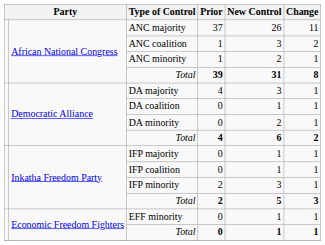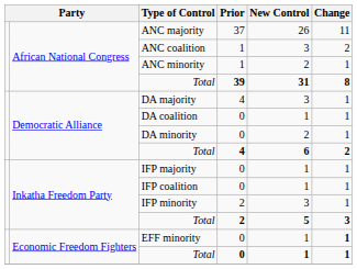 <table class="wikitable" style="text-align:right">
 <tr>
 <th colspan="2">Party</th>
 <th>Type of Control</th>
 <th>Prior</th>
 <th>New Control</th>
 <th>Change</th>
 </tr>
 <tr>
 <td rowspan="4" style="background:"></td>
 <td rowspan="4" style="text-align:left;"><a href='#'>African National Congress</a></td>
 <td style="text-align:left;">ANC majority</td>
 <td>37</td>
 <td>26</td>
 <td>11</td>
 </tr>
 <tr>
 <td style="text-align:left;">ANC coalition</td>
 <td>1</td>
 <td>3</td>
 <td>2</td>
 </tr>
 <tr>
 <td style="text-align:left;">ANC minority</td>
 <td>1</td>
 <td>2</td>
 <td>1</td>
 </tr>
 <tr>
 <td><em>Total</em></td>
 <td><strong>39</strong></td>
 <td><strong>31</strong></td>
 <td><strong>8</strong></td>
 </tr>
 <tr>
 <td rowspan="4" style="background:"></td>
 <td rowspan="4" style="text-align:left;"><a href='#'>Democratic Alliance</a></td>
 <td style="text-align:left;">DA majority</td>
 <td>4</td>
 <td>3</td>
 <td>1</td>
 </tr>
 <tr>
 <td style="text-align:left;">DA coalition</td>
 <td>0</td>
 <td>1</td>
 <td>1</td>
 </tr>
 <tr>
 <td style="text-align:left;">DA minority</td>
 <td>0</td>
 <td>2</td>
 <td>1</td>
 </tr>
 <tr>
 <td><em>Total</em></td>
 <td><strong>4</strong></td>
 <td><strong>6</strong></td>
 <td><strong>2</strong></td>
 </tr>
 <tr>
 <td rowspan="4" style="background:"></td>
 <td rowspan="4" style="text-align:left;"><a href='#'>Inkatha Freedom Party</a></td>
 <td style="text-align:left;">IFP majority</td>
 <td>0</td>
 <td>1</td>
 <td>1</td>
 </tr>
 <tr>
 <td style="text-align:left;">IFP coalition</td>
 <td>0</td>
 <td>1</td>
 <td>1</td>
 </tr>
 <tr>
 <td style="text-align:left;">IFP minority</td>
 <td>2</td>
 <td>3</td>
 <td>1</td>
 </tr>
 <tr>
 <td><em>Total</em></td>
 <td><strong>2</strong></td>
 <td><strong>5</strong></td>
 <td><strong>3</strong></td>
 </tr>
 <tr>
 <td rowspan="2" style="background:"></td>
 <td rowspan="2" style="text-align:left;"><a href='#'>Economic Freedom Fighters</a></td>
 <td style="text-align:left;">EFF minority</td>
 <td>0</td>
 <td>1</td>
-<td>1</td>
+<td><strong>1</strong></td>
 </tr>
 <tr>
 <td><em>Total</em></td>
 <td><strong>0</strong></td>
 <td><strong>1</strong></td>
 <td><strong>1</strong></td>
 </tr>
 <tr>
 </tr>
 </table>
